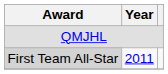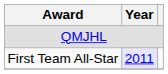 <table class="wikitable">
 <tr>
 <th>Award</th>
 <th>Year</th>
 <th></th>
 </tr>
 <tr ALIGN="center" bgcolor="#e0e0e0">
 <td colspan="3"><a href='#'>QMJHL</a></td>
 </tr>
 <tr>
-<td style="background: lightgrey;">First Team All-Star</td>
-<td><a href='#'>2011</a></td>
+<td>First Team All-Star</td>
+<td style="background: lavender;"><a href='#'>2011</a></td>
 <td></td>
 </tr>
 <tr>
 </tr>
 </table>
